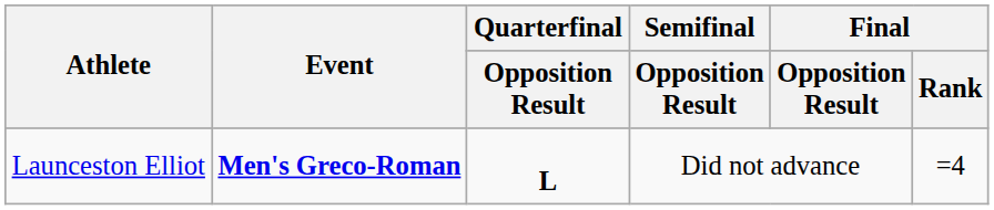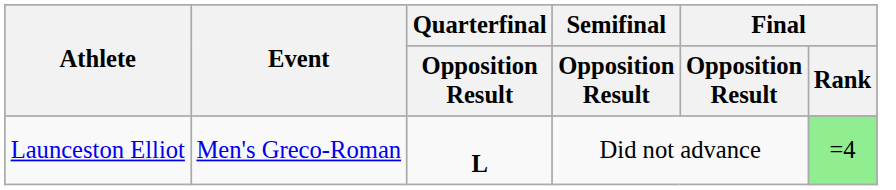 <table class=wikitable style="font-size:90%; text-align:center">
 <tr>
 <th rowspan=2>Athlete</th>
 <th rowspan=2>Event</th>
 <th>Quarterfinal</th>
 <th>Semifinal</th>
 <th colspan=2>Final</th>
 </tr>
 <tr>
 <th>Opposition<br>Result</th>
 <th>Opposition<br>Result</th>
 <th>Opposition<br>Result</th>
 <th>Rank</th>
 </tr>
 <tr>
 <td align=left><a href='#'>Launceston Elliot</a></td>
-<td align=left><strong><a href='#'>Men's Greco-Roman</a></strong></td>
+<td align=left><a href='#'>Men's Greco-Roman</a></td>
 <td><br><strong>L</strong></td>
 <td colspan=2>Did not advance</td>
-<td>=4</td>
+<td style="background: lightgreen;">=4</td>
 </tr>
 </table>
